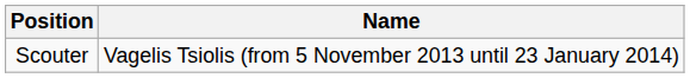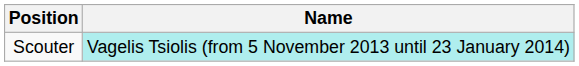 <table class="wikitable" style="text-align: center;">
 <tr>
 <th>Position</th>
 <th>Name</th>
 </tr>
 <tr>
 <td>Scouter</td>
-<td style="text-align:left;">Vagelis Tsiolis (from 5 November 2013 until 23 January 2014)</td>
+<td style="background: paleturquoise; text-align:left;">Vagelis Tsiolis (from 5 November 2013 until 23 January 2014)</td>
 </tr>
 </table>
